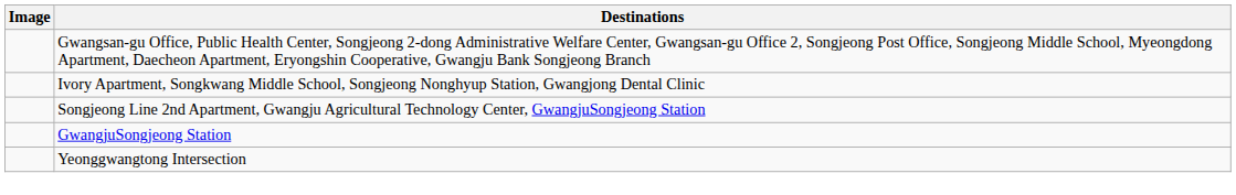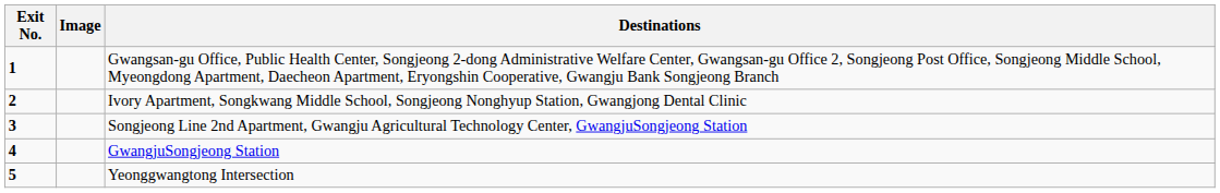 <table class="wikitable">
 <tr>
+<th>Exit No.</th>
 <th>Image</th>
 <th>Destinations</th>
 </tr>
 <tr>
+<td><strong>1</strong></td>
 <td></td>
 <td>Gwangsan-gu Office, Public Health Center, Songjeong 2-dong Administrative Welfare Center, Gwangsan-gu Office 2, Songjeong Post Office, Songjeong Middle School, Myeongdong Apartment, Daecheon Apartment, Eryongshin Cooperative, Gwangju Bank Songjeong Branch</td>
 </tr>
 <tr>
+<td><strong>2</strong></td>
 <td></td>
 <td>Ivory Apartment, Songkwang Middle School, Songjeong Nonghyup Station, Gwangjong Dental Clinic</td>
 </tr>
 <tr>
+<td><strong>3</strong></td>
 <td></td>
 <td>Songjeong Line 2nd Apartment, Gwangju Agricultural Technology Center, <a href='#'>GwangjuSongjeong Station</a></td>
 </tr>
 <tr>
+<td><strong>4</strong></td>
 <td></td>
 <td><a href='#'>GwangjuSongjeong Station</a></td>
 </tr>
 <tr>
+<td><strong>5</strong></td>
 <td></td>
 <td>Yeonggwangtong Intersection</td>
 </tr>
 </table>
